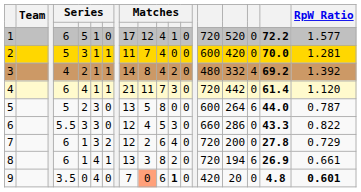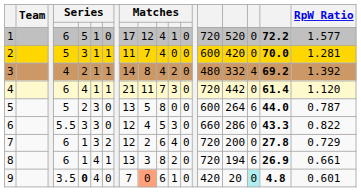 <table class="wikitable"  style="font-size:95%;">
 <tr style="text-align:center">
 <th rowspan="2"></th>
 <th rowspan="2">Team</th>
 <th rowspan="11"></th>
 <th colspan="4">Series</th>
 <th rowspan="11"></th>
 <th colspan="5">Matches</th>
 <th rowspan="11"></th>
 <th rowspan="2"></th>
 <th rowspan="2"></th>
 <th rowspan="2"></th>
 <th rowspan="2"></th>
 <th rowspan="2"><a href='#'>RpW Ratio</a></th>
 </tr>
 <tr>
 <th></th>
 <th></th>
 <th></th>
 <th></th>
 <th></th>
 <th></th>
 <th></th>
 <th></th>
 <th></th>
 </tr>
 <tr style="text-align:center; background:silver;">
 <td>1</td>
 <td style="text-align:left;"></td>
 <td>6</td>
 <td>5</td>
 <td>1</td>
 <td>0</td>
 <td>17</td>
 <td>12</td>
 <td>4</td>
 <td>1</td>
 <td>0</td>
 <td>720</td>
 <td>520</td>
 <td>0</td>
 <td><strong>72.2</strong></td>
 <td>1.577</td>
 </tr>
 <tr style="text-align:center; background:gold;">
 <td>2</td>
 <td style="text-align:left;"></td>
 <td>5</td>
 <td>3</td>
 <td>1</td>
 <td>1</td>
 <td>11</td>
 <td>7</td>
 <td>4</td>
 <td>0</td>
 <td>0</td>
 <td>600</td>
 <td>420</td>
 <td>0</td>
 <td><strong>70.0</strong></td>
 <td>1.281</td>
 </tr>
 <tr style="text-align:center; background:#cc9966;">
 <td>3</td>
 <td style="text-align:left;"></td>
 <td>4</td>
 <td>2</td>
 <td>1</td>
 <td>1</td>
 <td>14</td>
 <td>8</td>
 <td>4</td>
 <td>2</td>
 <td>0</td>
 <td>480</td>
 <td>332</td>
 <td>4</td>
 <td><strong>69.2</strong></td>
 <td>1.392</td>
 </tr>
 <tr style="text-align:center; background:lemonchiffon;">
 <td>4</td>
 <td style="text-align:left;"></td>
 <td>6</td>
 <td>4</td>
 <td>1</td>
 <td>1</td>
 <td>21</td>
 <td>11</td>
 <td>7</td>
 <td>3</td>
 <td>0</td>
 <td>720</td>
 <td>442</td>
 <td>0</td>
 <td><strong>61.4</strong></td>
 <td>1.120</td>
 </tr>
 <tr style="text-align:center;">
 <td>5</td>
 <td style="text-align:left;"></td>
 <td>5</td>
 <td>2</td>
 <td>3</td>
 <td>0</td>
 <td>13</td>
 <td>5</td>
 <td>8</td>
 <td>0</td>
 <td>0</td>
 <td>600</td>
 <td>264</td>
 <td>6</td>
 <td><strong>44.0</strong></td>
 <td>0.787</td>
 </tr>
 <tr style="text-align:center;">
 <td>6</td>
 <td style="text-align:left;"></td>
 <td>5.5</td>
 <td>3</td>
 <td>3</td>
 <td>0</td>
 <td>12</td>
 <td>4</td>
 <td>5</td>
 <td>3</td>
 <td>0</td>
 <td>660</td>
 <td>286</td>
 <td>0</td>
 <td><strong>43.3</strong></td>
 <td>0.822</td>
 </tr>
 <tr style="text-align:center;">
 <td>7</td>
 <td style="text-align:left;"></td>
 <td>6</td>
 <td>1</td>
 <td>3</td>
 <td>2</td>
 <td>12</td>
 <td>2</td>
 <td>6</td>
 <td>4</td>
 <td>0</td>
 <td>720</td>
 <td>200</td>
 <td>0</td>
 <td><strong>27.8</strong></td>
 <td>0.729</td>
 </tr>
 <tr style="text-align:center;">
 <td>8</td>
 <td style="text-align:left;"></td>
 <td>6</td>
 <td>1</td>
 <td>4</td>
 <td>1</td>
 <td>13</td>
 <td>3</td>
 <td>8</td>
 <td>2</td>
 <td>0</td>
 <td>720</td>
 <td>194</td>
 <td>6</td>
 <td><strong>26.9</strong></td>
 <td>0.661</td>
 </tr>
 <tr style="text-align:center;">
 <td>9</td>
 <td style="text-align:left;"></td>
 <td>3.5</td>
-<td>0</td>
+<td><strong>0</strong></td>
 <td>4</td>
 <td>0</td>
 <td>7</td>
 <td style="background: lightsalmon;">0</td>
 <td>6</td>
-<td><strong>1</strong></td>
+<td>1</td>
 <td>0</td>
 <td>420</td>
 <td>20</td>
-<td>0</td>
+<td style="background: paleturquoise;">0</td>
 <td><strong>4.8</strong></td>
-<td><strong>0.601</strong></td>
+<td>0.601</td>
 </tr>
 </table>
